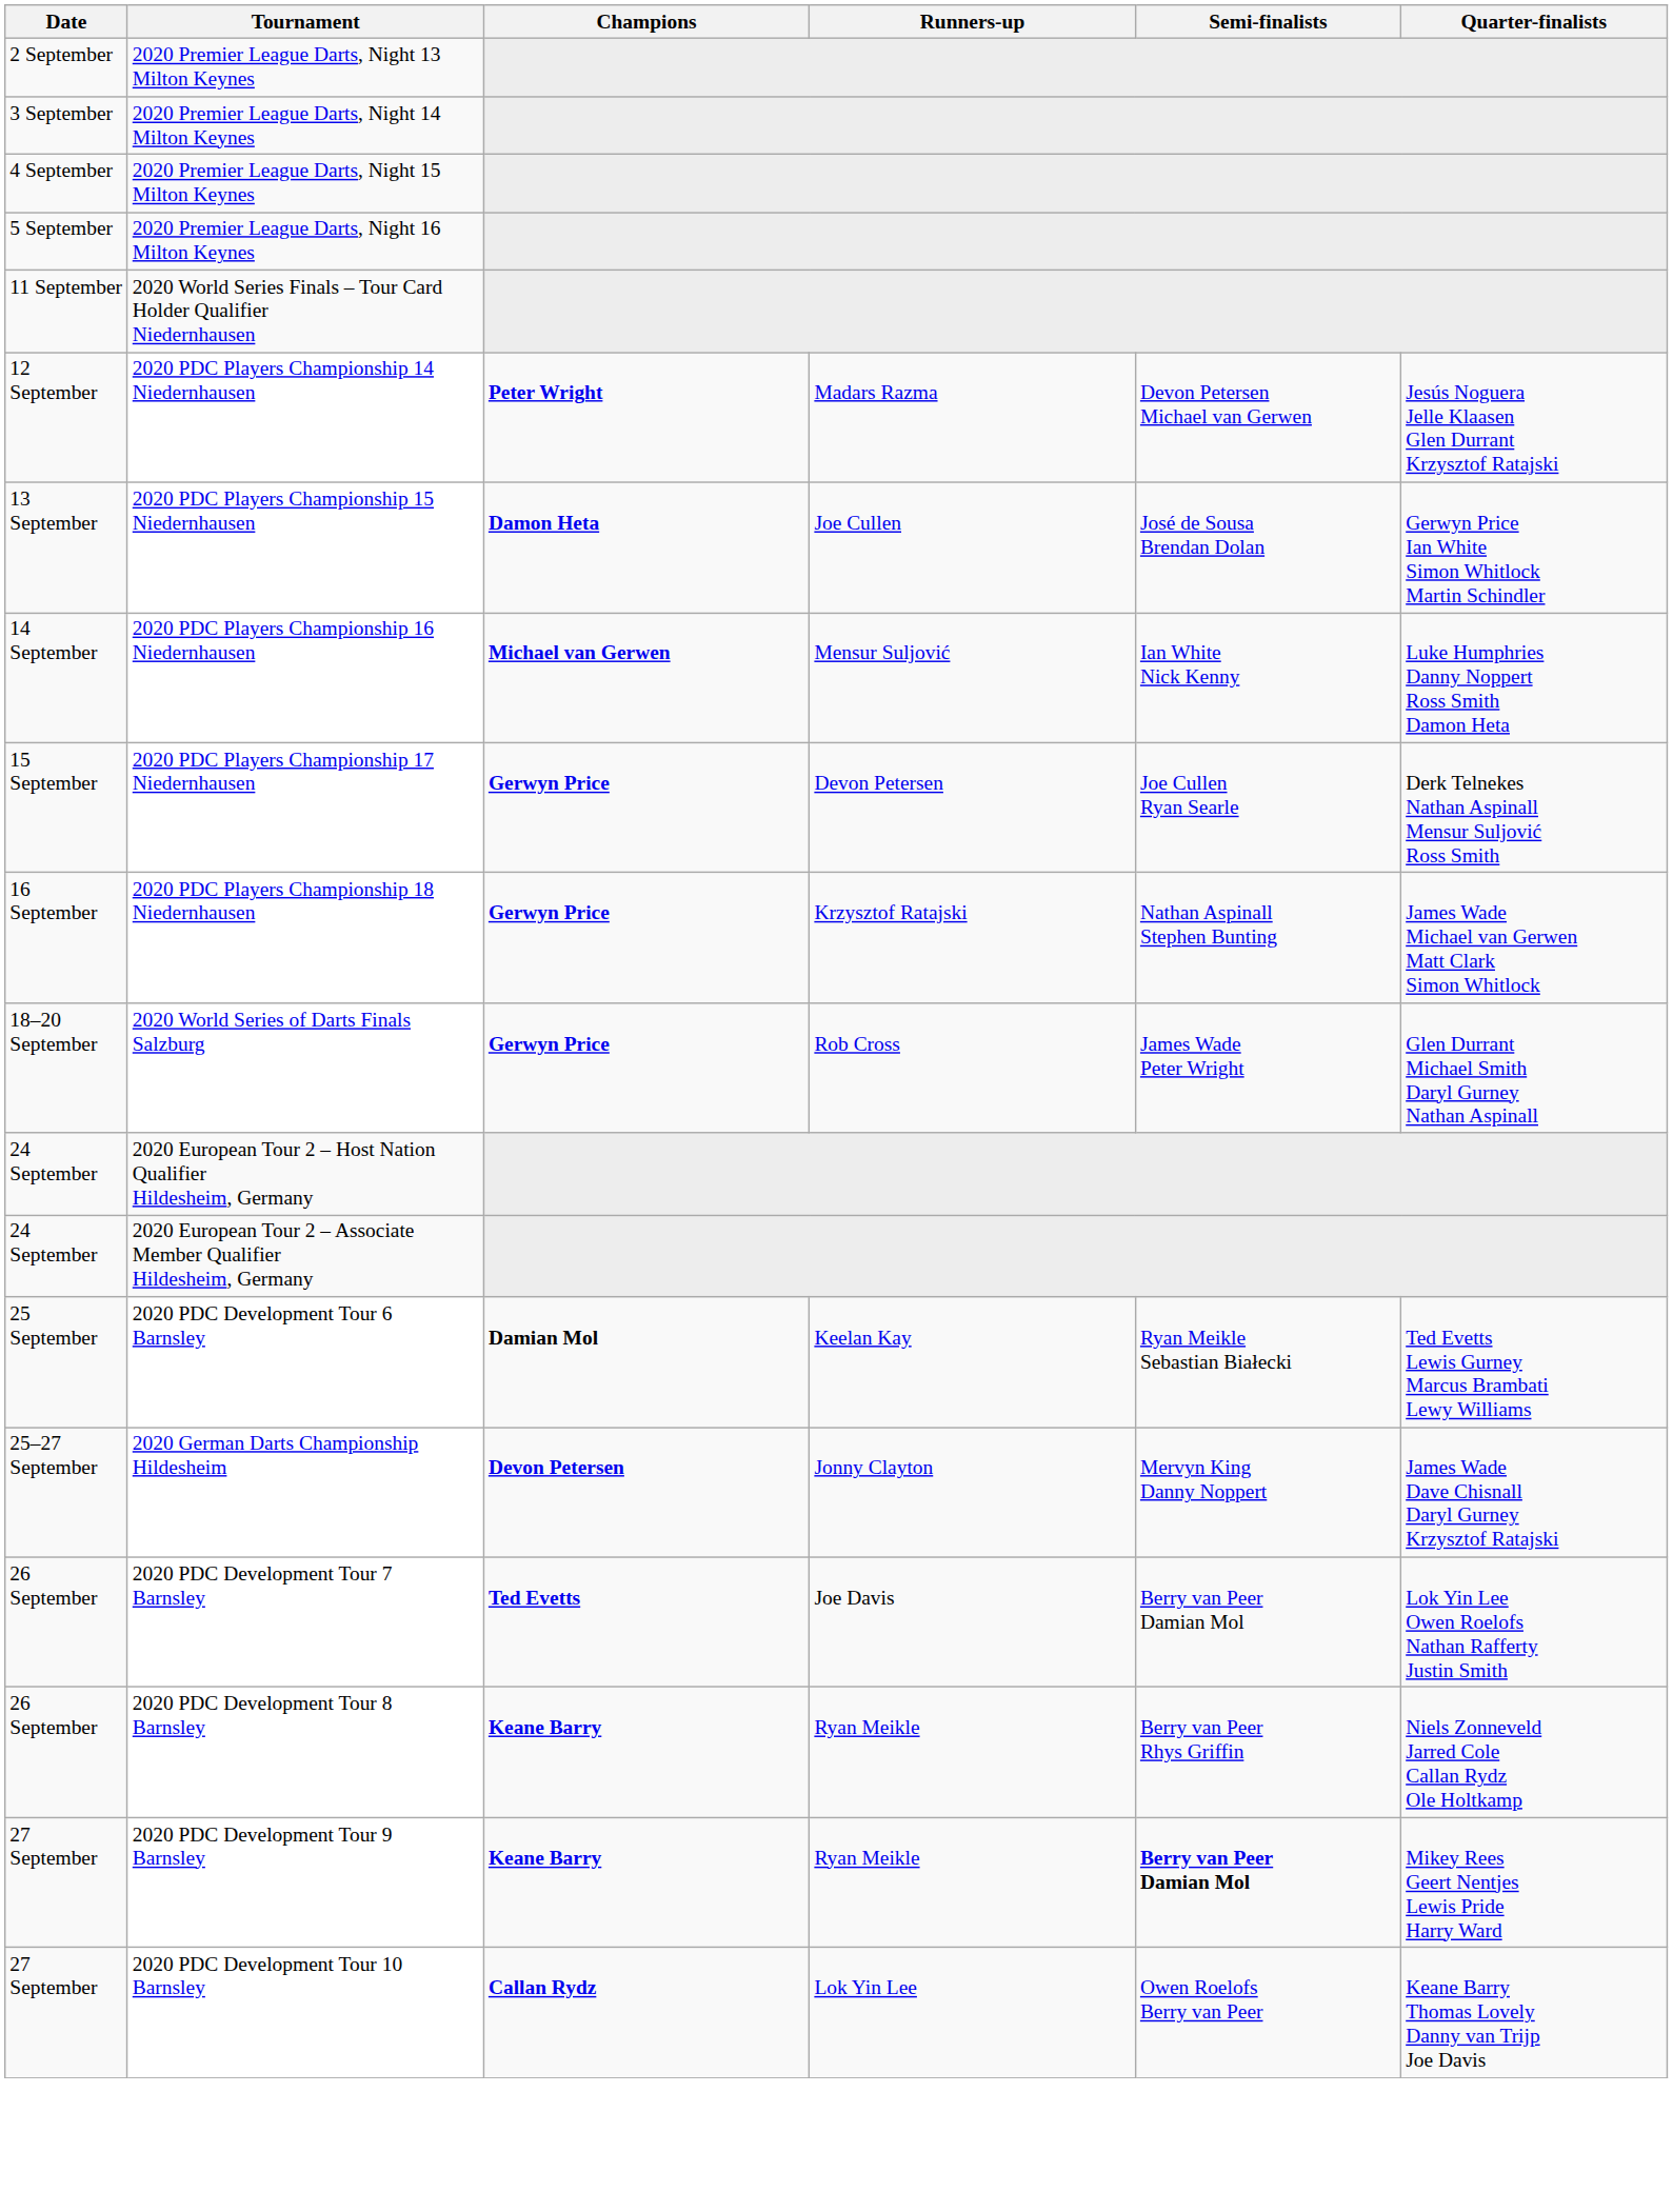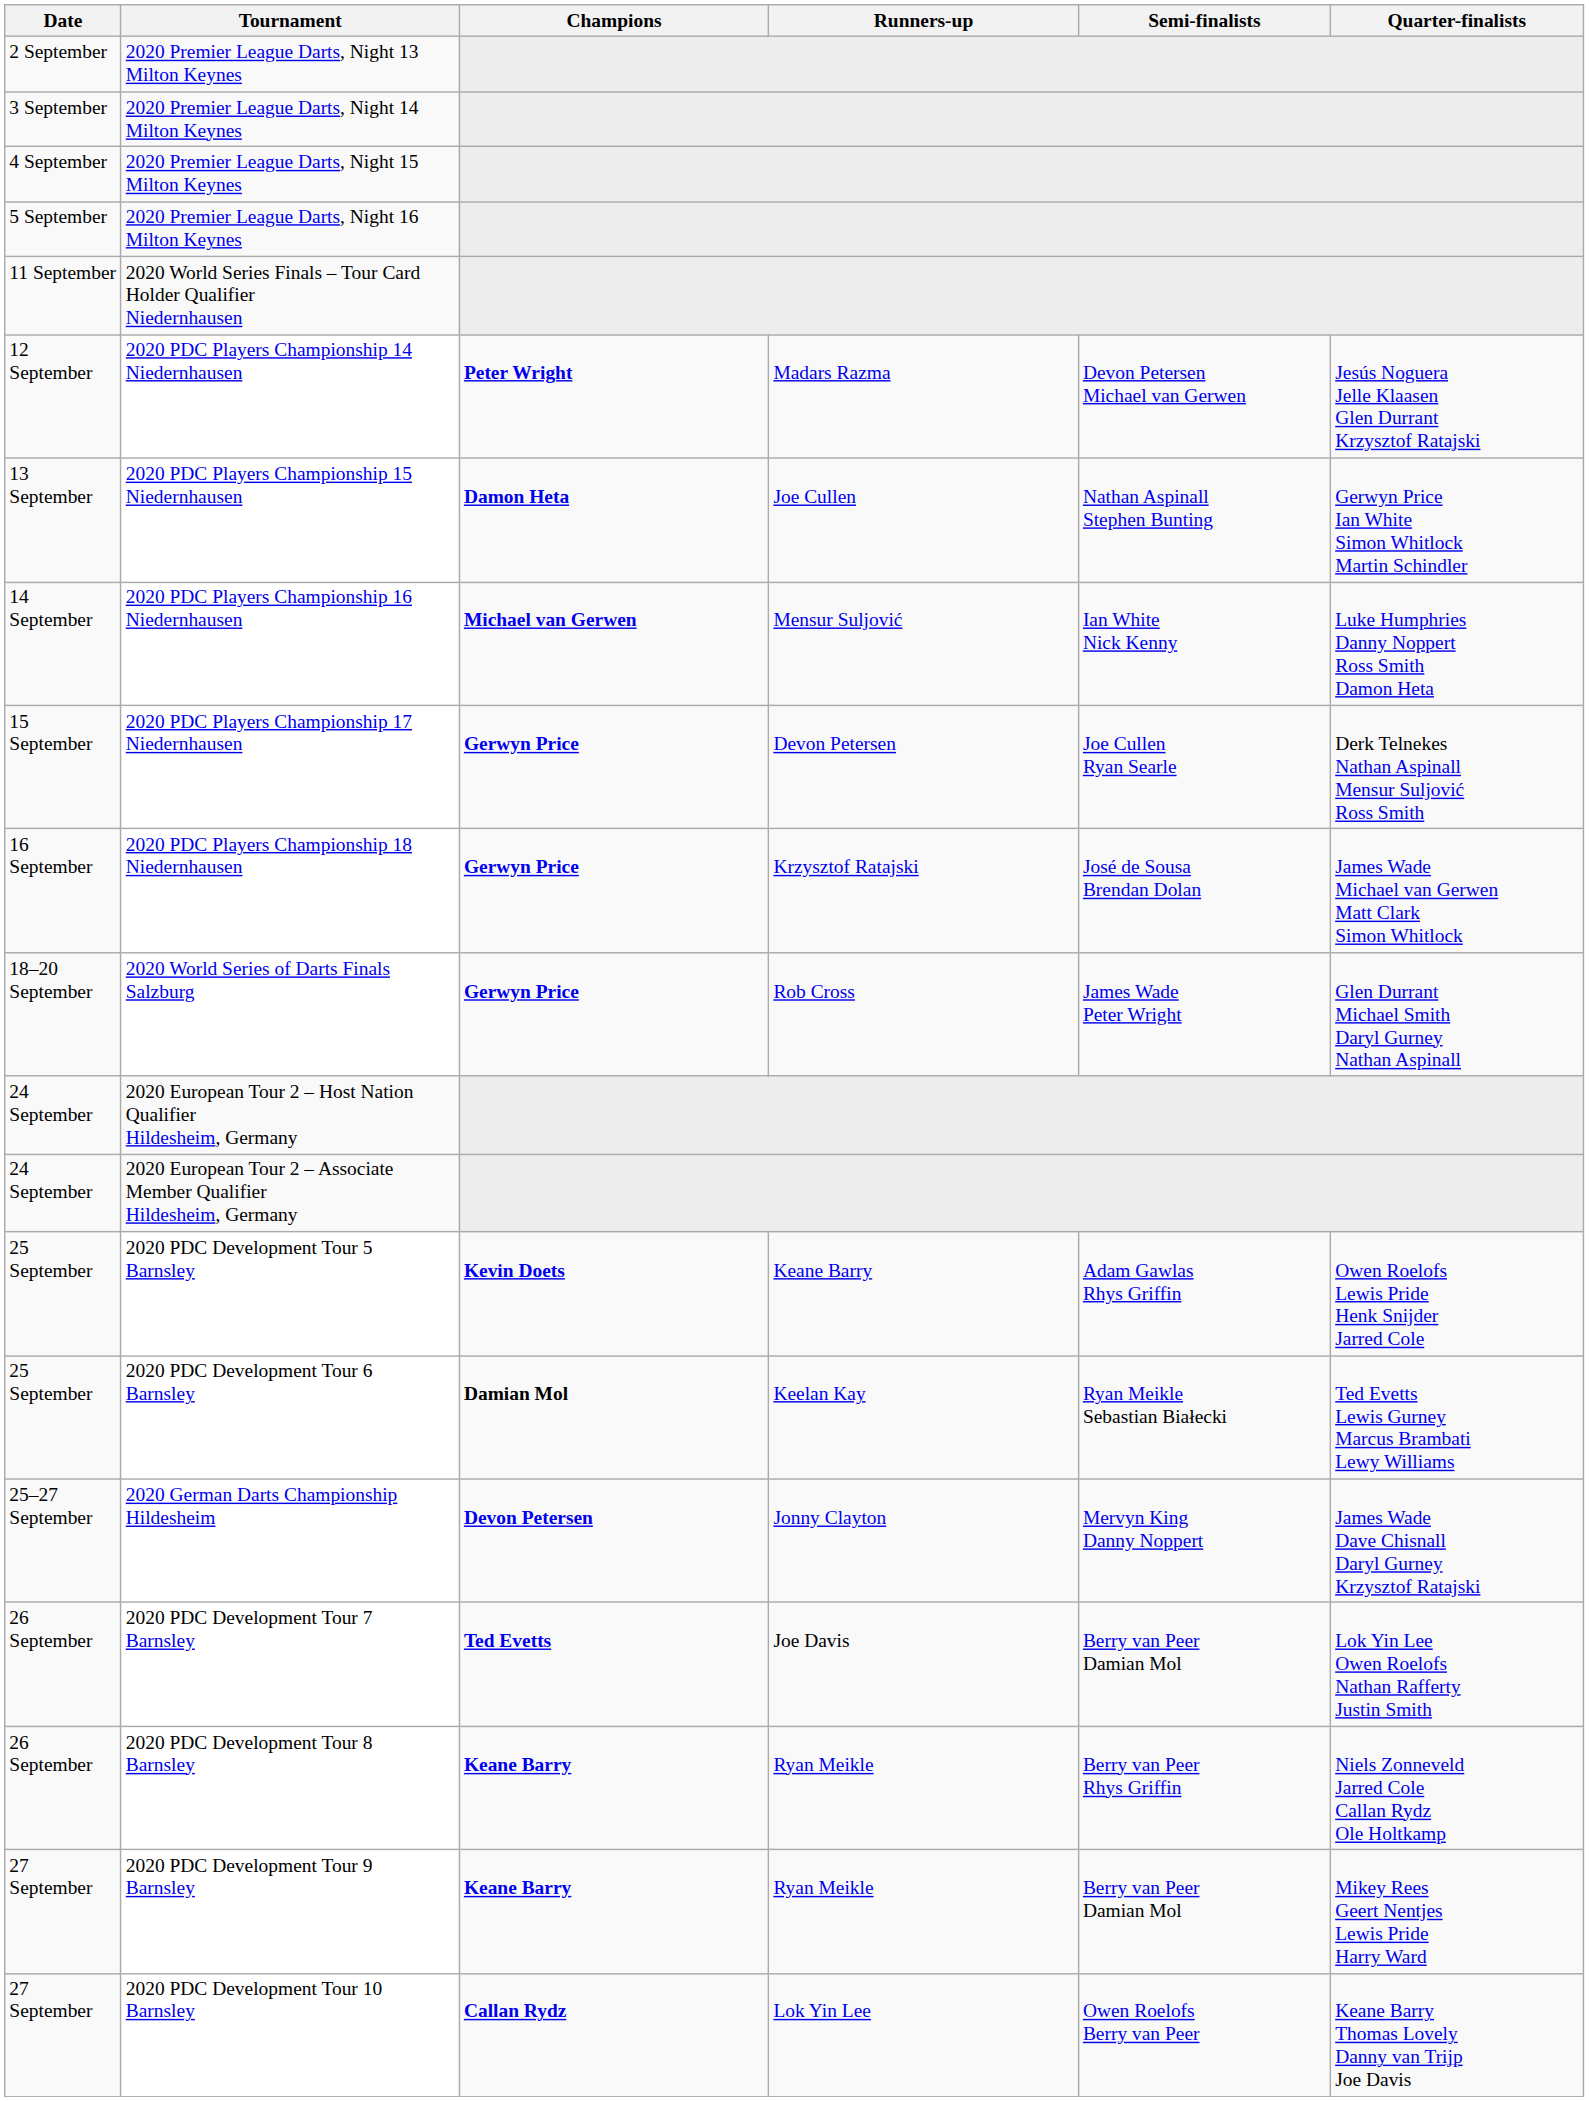 <table class=wikitable style=font-size:85%>
 <tr>
 <th width=75>Date</th>
 <th width=230>Tournament</th>
 <th width=210>Champions</th>
 <th width=210>Runners-up</th>
 <th width=170>Semi-finalists</th>
 <th width=170>Quarter-finalists</th>
 </tr>
 <tr valign="top">
 <td rowspan=1>2 September</td>
 <td><a href='#'>2020 Premier League Darts</a>, Night 13 <br> <a href='#'>Milton Keynes</a></td>
 <td colspan=4 bgcolor="#ededed"></td>
 </tr>
 <tr valign="top">
 <td rowspan=1>3 September</td>
 <td><a href='#'>2020 Premier League Darts</a>, Night 14 <br> <a href='#'>Milton Keynes</a></td>
 <td colspan=4 bgcolor="#ededed"></td>
 </tr>
 <tr valign="top">
 <td rowspan=1>4 September</td>
 <td><a href='#'>2020 Premier League Darts</a>, Night 15 <br> <a href='#'>Milton Keynes</a></td>
 <td colspan=4 bgcolor="#ededed"></td>
 </tr>
 <tr valign="top">
 <td rowspan=1>5 September</td>
 <td><a href='#'>2020 Premier League Darts</a>, Night 16 <br> <a href='#'>Milton Keynes</a></td>
 <td colspan=4 bgcolor="#ededed"></td>
 </tr>
 <tr valign="top">
 <td rowspan=1>11 September</td>
 <td>2020 World Series Finals – Tour Card Holder Qualifier <br>  <a href='#'>Niedernhausen</a></td>
 <td colspan=4 bgcolor="#ededed"></td>
 </tr>
 <tr valign="top">
 <td>12 September</td>
 <td bgcolor="#ffffff"><a href='#'>2020 PDC Players Championship 14</a><br> <a href='#'>Niedernhausen</a></td>
 <td><br> <strong><a href='#'>Peter Wright</a></strong></td>
 <td><br> <a href='#'>Madars Razma</a></td>
 <td><br> <a href='#'>Devon Petersen</a> <br>  <a href='#'>Michael van Gerwen</a> <br></td>
 <td><br> <a href='#'>Jesús Noguera</a> <br>  <a href='#'>Jelle Klaasen</a> <br>  <a href='#'>Glen Durrant</a> <br>  <a href='#'>Krzysztof Ratajski</a></td>
 </tr>
 <tr valign="top">
 <td>13 September</td>
 <td bgcolor="#ffffff"><a href='#'>2020 PDC Players Championship 15</a><br> <a href='#'>Niedernhausen</a></td>
 <td><br> <strong><a href='#'>Damon Heta</a></strong></td>
 <td><br> <a href='#'>Joe Cullen</a></td>
-<td><br> <a href='#'>José de Sousa</a> <br>  <a href='#'>Brendan Dolan</a> <br></td>
+<td><br> <a href='#'>Nathan Aspinall</a> <br>  <a href='#'>Stephen Bunting</a> <br></td>
 <td><br> <a href='#'>Gerwyn Price</a> <br>  <a href='#'>Ian White</a> <br>  <a href='#'>Simon Whitlock</a> <br>  <a href='#'>Martin Schindler</a></td>
 </tr>
 <tr valign="top">
 <td>14 September</td>
 <td bgcolor="#ffffff"><a href='#'>2020 PDC Players Championship 16</a><br> <a href='#'>Niedernhausen</a></td>
 <td><br> <strong><a href='#'>Michael van Gerwen</a></strong></td>
 <td><br> <a href='#'>Mensur Suljović</a></td>
 <td><br> <a href='#'>Ian White</a> <br>  <a href='#'>Nick Kenny</a> <br></td>
 <td><br> <a href='#'>Luke Humphries</a> <br>  <a href='#'>Danny Noppert</a> <br>  <a href='#'>Ross Smith</a> <br>  <a href='#'>Damon Heta</a></td>
 </tr>
 <tr valign="top">
 <td>15 September</td>
 <td bgcolor="#ffffff"><a href='#'>2020 PDC Players Championship 17</a><br> <a href='#'>Niedernhausen</a></td>
 <td><br> <strong><a href='#'>Gerwyn Price</a></strong></td>
 <td><br> <a href='#'>Devon Petersen</a></td>
 <td><br> <a href='#'>Joe Cullen</a> <br>  <a href='#'>Ryan Searle</a> <br></td>
 <td><br> Derk Telnekes <br>  <a href='#'>Nathan Aspinall</a> <br>  <a href='#'>Mensur Suljović</a> <br>  <a href='#'>Ross Smith</a></td>
 </tr>
 <tr valign="top">
 <td>16 September</td>
 <td bgcolor="#ffffff"><a href='#'>2020 PDC Players Championship 18</a><br> <a href='#'>Niedernhausen</a></td>
 <td><br> <strong><a href='#'>Gerwyn Price</a></strong></td>
 <td><br> <a href='#'>Krzysztof Ratajski</a></td>
-<td><br> <a href='#'>Nathan Aspinall</a> <br>  <a href='#'>Stephen Bunting</a> <br></td>
+<td><br> <a href='#'>José de Sousa</a> <br>  <a href='#'>Brendan Dolan</a> <br></td>
 <td><br> <a href='#'>James Wade</a> <br>  <a href='#'>Michael van Gerwen</a> <br>  <a href='#'>Matt Clark</a> <br>  <a href='#'>Simon Whitlock</a></td>
 </tr>
 <tr valign="top">
 <td>18–20 September</td>
 <td bgcolor="#ffffff"><a href='#'>2020 World Series of Darts Finals</a><br> <a href='#'>Salzburg</a></td>
 <td><br> <strong><a href='#'>Gerwyn Price</a></strong></td>
 <td><br> <a href='#'>Rob Cross</a></td>
 <td><br> <a href='#'>James Wade</a> <br>  <a href='#'>Peter Wright</a> <br></td>
 <td><br> <a href='#'>Glen Durrant</a>  <br>  <a href='#'>Michael Smith</a> <br>  <a href='#'>Daryl Gurney</a> <br>  <a href='#'>Nathan Aspinall</a></td>
 </tr>
 <tr valign="top">
 <td rowspan=1>24 September</td>
 <td>2020 European Tour 2 – Host Nation Qualifier <br><a href='#'>Hildesheim</a>, Germany</td>
 <td colspan=4 bgcolor="#ededed"></td>
 </tr>
 <tr valign="top">
 <td rowspan=1>24 September</td>
 <td>2020 European Tour 2 – Associate Member Qualifier <br><a href='#'>Hildesheim</a>, Germany</td>
 <td colspan=4 bgcolor="#ededed"></td>
+</tr>
+<tr valign="top">
+<td>25 September</td>
+<td bgcolor="#ffffff">2020 PDC Development Tour 5<br> <a href='#'>Barnsley</a></td>
+<td><br> <strong><a href='#'>Kevin Doets</a></strong></td>
+<td><br> <a href='#'>Keane Barry</a></td>
+<td><br> <a href='#'>Adam Gawlas</a> <br>  <a href='#'>Rhys Griffin</a></td>
+<td><br> <a href='#'>Owen Roelofs</a> <br>  <a href='#'>Lewis Pride</a> <br>  <a href='#'>Henk Snijder</a> <br>  <a href='#'>Jarred Cole</a></td>
 </tr>
 <tr valign="top">
 <td>25 September</td>
 <td bgcolor="#ffffff">2020 PDC Development Tour 6<br> <a href='#'>Barnsley</a></td>
 <td><br> <strong>Damian Mol</strong></td>
 <td><br> <a href='#'>Keelan Kay</a></td>
 <td><br> <a href='#'>Ryan Meikle</a> <br>  Sebastian Białecki</td>
 <td><br> <a href='#'>Ted Evetts</a> <br>  <a href='#'>Lewis Gurney</a> <br>  <a href='#'>Marcus Brambati</a> <br>  <a href='#'>Lewy Williams</a></td>
 </tr>
 <tr valign="top">
 <td>25–27 September</td>
 <td bgcolor="#ffffff"><a href='#'>2020 German Darts Championship</a><br> <a href='#'>Hildesheim</a></td>
 <td><br> <strong><a href='#'>Devon Petersen</a></strong></td>
 <td><br> <a href='#'>Jonny Clayton</a></td>
 <td><br> <a href='#'>Mervyn King</a> <br>  <a href='#'>Danny Noppert</a> <br></td>
 <td><br> <a href='#'>James Wade</a> <br>  <a href='#'>Dave Chisnall</a> <br>  <a href='#'>Daryl Gurney</a> <br>  <a href='#'>Krzysztof Ratajski</a></td>
 </tr>
 <tr valign="top">
 <td>26 September</td>
 <td bgcolor="#ffffff">2020 PDC Development Tour 7<br> <a href='#'>Barnsley</a></td>
 <td><br> <strong><a href='#'>Ted Evetts</a></strong></td>
 <td><br> Joe Davis</td>
 <td><br> <a href='#'>Berry van Peer</a> <br>  Damian Mol</td>
 <td><br> <a href='#'>Lok Yin Lee</a> <br>  <a href='#'>Owen Roelofs</a> <br>  <a href='#'>Nathan Rafferty</a> <br>  <a href='#'>Justin Smith</a></td>
 </tr>
 <tr valign="top">
 <td>26 September</td>
 <td bgcolor="#ffffff">2020 PDC Development Tour 8<br> <a href='#'>Barnsley</a></td>
 <td><br> <strong><a href='#'>Keane Barry</a></strong></td>
 <td><br> <a href='#'>Ryan Meikle</a></td>
 <td><br> <a href='#'>Berry van Peer</a> <br>  <a href='#'>Rhys Griffin</a></td>
 <td><br> <a href='#'>Niels Zonneveld</a> <br>  <a href='#'>Jarred Cole</a> <br>  <a href='#'>Callan Rydz</a> <br>  <a href='#'>Ole Holtkamp</a></td>
 </tr>
 <tr valign="top">
 <td>27 September</td>
 <td bgcolor="#ffffff">2020 PDC Development Tour 9<br> <a href='#'>Barnsley</a></td>
 <td><br> <strong><a href='#'>Keane Barry</a></strong></td>
 <td><br> <a href='#'>Ryan Meikle</a></td>
-<td><strong><br> <a href='#'>Berry van Peer</a> <br>  Damian Mol</strong></td>
+<td><br> <a href='#'>Berry van Peer</a> <br>  Damian Mol</td>
 <td><br> <a href='#'>Mikey Rees</a> <br>  <a href='#'>Geert Nentjes</a> <br>  <a href='#'>Lewis Pride</a> <br>  <a href='#'>Harry Ward</a></td>
 </tr>
 <tr valign="top">
 <td>27 September</td>
 <td bgcolor="#ffffff">2020 PDC Development Tour 10<br> <a href='#'>Barnsley</a></td>
 <td><br> <strong><a href='#'>Callan Rydz</a></strong></td>
 <td><br> <a href='#'>Lok Yin Lee</a></td>
 <td><br> <a href='#'>Owen Roelofs</a> <br>  <a href='#'>Berry van Peer</a></td>
 <td><br> <a href='#'>Keane Barry</a> <br>  <a href='#'>Thomas Lovely</a> <br>  <a href='#'>Danny van Trijp</a> <br>  Joe Davis</td>
 </tr>
 </table>
